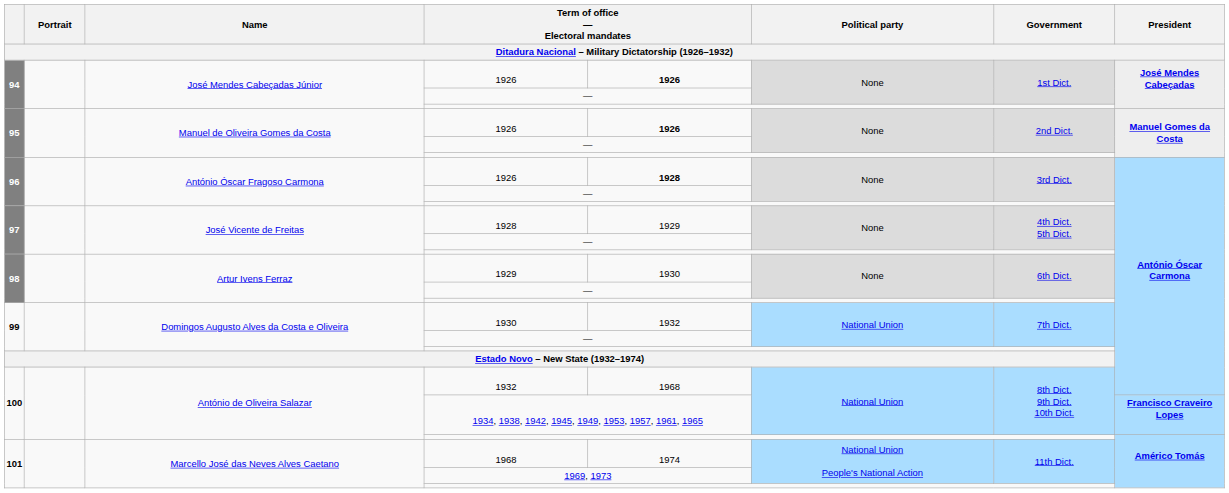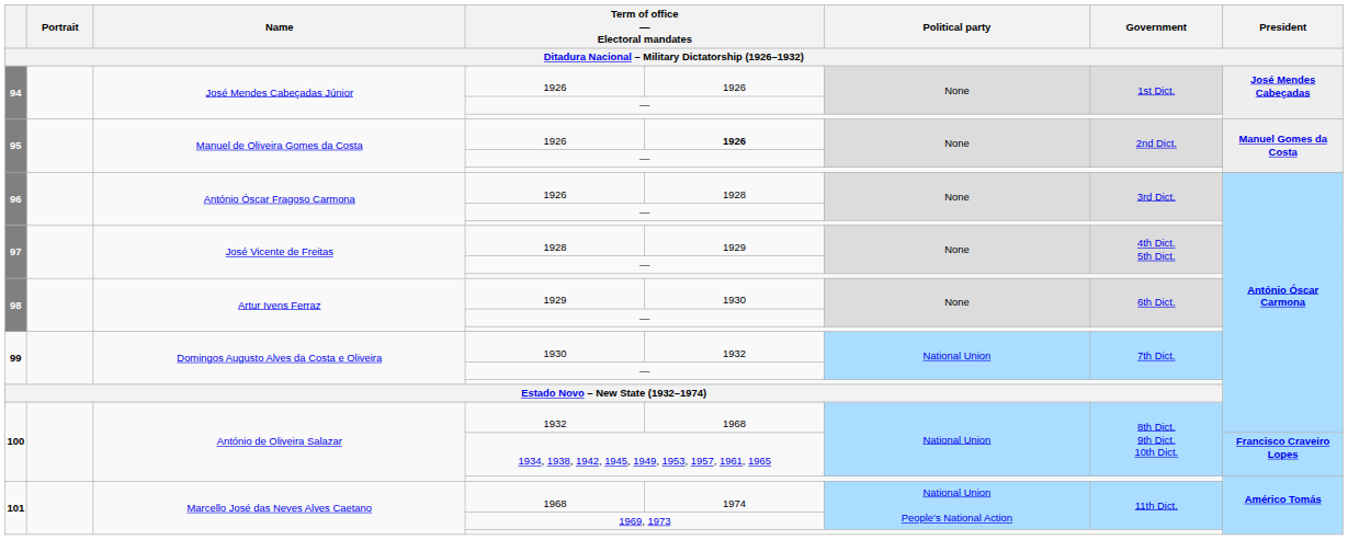 <table class="wikitable" style="text-align:center; font-size:95%; width=100%; line-height:19px;">
 <tr>
 <th width=1%></th>
 <th width=5%>Portrait</th>
 <th width=28%>Name<br></th>
 <th colspan="2" width=27%>Term of office<br>—<br>Electoral mandates</th>
 <th width=20%>Political party</th>
 <th width=10%>Government</th>
 <th width=15%>President<br></th>
 </tr>
 <tr style="background:#cccccc">
 <th colspan="8"><a href='#'>Ditadura Nacional</a> – Military Dictatorship (1926–1932)</th>
 </tr>
 <tr>
 <td rowspan="3" style="background:gray; color:white;"><strong>94</strong></td>
 <td rowspan="3"></td>
 <td rowspan="3" align="center"><a href='#'>José Mendes Cabeçadas Júnior</a><br></td>
 <td><br>1926</td>
-<td><strong><br>1926</strong></td>
+<td><br>1926</td>
 <td bgcolor=#DCDCDC rowspan="2">None</td>
 <td rowspan="2" bgcolor=#DCDCDC><a href='#'>1st Dict.</a></td>
 <td bgcolor=#EEEEEE rowspan="3" align=center><strong><a href='#'>José Mendes Cabeçadas</a></strong><br><br></td>
 </tr>
 <tr>
 <td colspan="2" align="center">—</td>
 </tr>
 <tr>
 <td colspan="4" align=left></td>
 </tr>
 <tr>
 <td rowspan="3" style="background:gray; color:white;"><strong>95</strong></td>
 <td rowspan="3"></td>
 <td rowspan="3" align="center"><a href='#'>Manuel de Oliveira Gomes da Costa</a><br></td>
 <td><br>1926</td>
 <td><strong><br>1926</strong></td>
 <td bgcolor=#DCDCDC rowspan="2">None</td>
 <td rowspan="2" bgcolor=#DCDCDC><a href='#'>2nd Dict.</a></td>
 <td bgcolor=#EEEEEE rowspan="3" align=center><strong><a href='#'>Manuel Gomes da Costa</a></strong><br></td>
 </tr>
 <tr>
 <td colspan="2" align="center">—</td>
 </tr>
 <tr>
 <td colspan="4" align=left></td>
 </tr>
 <tr>
 <td rowspan="3" style="background:gray; color:white;"><strong>96</strong></td>
 <td rowspan="3"></td>
 <td rowspan="3" align="center"><a href='#'>António Óscar Fragoso Carmona</a><br></td>
 <td><br>1926</td>
-<td><strong><br>1928</strong></td>
+<td><br>1928</td>
 <td bgcolor=#DCDCDC rowspan="2">None</td>
 <td rowspan="2" bgcolor=#DCDCDC><a href='#'>3rd Dict.</a></td>
 <td bgcolor=#AADDFF rowspan="14" align=center><strong><a href='#'>António Óscar Carmona</a></strong><br><br></td>
 </tr>
 <tr>
 <td colspan="2" align="center">—</td>
 </tr>
 <tr>
 <td colspan="4" align=left></td>
 </tr>
 <tr>
 <td rowspan="3" style="background:gray; color:white;"><strong>97</strong></td>
 <td rowspan="3"></td>
 <td rowspan="3" align="center"><a href='#'>José Vicente de Freitas</a><br></td>
 <td><br>1928</td>
 <td><br>1929</td>
 <td bgcolor=#DCDCDC rowspan="2">None</td>
 <td rowspan="2" bgcolor=#DCDCDC><a href='#'>4th Dict.</a><br><a href='#'>5th Dict.</a></td>
 </tr>
 <tr>
 <td colspan="2" align="center">—</td>
 </tr>
 <tr>
 <td colspan="4" align=left></td>
 </tr>
 <tr>
 <td rowspan="3" style="background:gray; color:white;"><strong>98</strong></td>
 <td rowspan="3"></td>
 <td rowspan="3" align="center"><a href='#'>Artur Ivens Ferraz</a><br></td>
 <td><br>1929</td>
 <td><br>1930</td>
 <td bgcolor=#DCDCDC rowspan="2">None</td>
 <td rowspan="2" bgcolor=#DCDCDC><a href='#'>6th Dict.</a></td>
 </tr>
 <tr>
 <td colspan="2" align="center">—</td>
 </tr>
 <tr>
 <td colspan="4" align=left></td>
 </tr>
 <tr>
 <td rowspan="3" style="background:"><strong>99</strong></td>
 <td rowspan="3"></td>
 <td rowspan="3" align="center"><a href='#'>Domingos Augusto Alves da Costa e Oliveira</a><br></td>
 <td><br>1930</td>
 <td><br>1932</td>
 <td rowspan="2" bgcolor="#AADDFF"><a href='#'>National Union</a></td>
 <td rowspan="2" bgcolor=#AADDFF><a href='#'>7th Dict.</a></td>
 </tr>
 <tr>
 <td colspan="2" align="center">—</td>
 </tr>
 <tr>
 <td colspan="4" align=left></td>
 </tr>
 <tr style="background:#cccccc">
 <th colspan=7><a href='#'>Estado Novo</a> – New State (1932–1974)</th>
 </tr>
 <tr>
 <td rowspan="3" style="background:"><strong>100</strong></td>
 <td rowspan="3"></td>
 <td rowspan="3" align="center"><a href='#'>António de Oliveira Salazar</a><br></td>
 <td><br>1932</td>
 <td><br>1968</td>
 <td rowspan="2" bgcolor=#AADDFF><a href='#'>National Union</a></td>
 <td rowspan="2" bgcolor=#AADDFF><a href='#'>8th Dict.</a><br><a href='#'>9th Dict.</a><br><a href='#'>10th Dict.</a></td>
 </tr>
 <tr>
 <td colspan="2" align="center"><br><a href='#'>1934</a>, <a href='#'>1938</a>, <a href='#'>1942</a>, <a href='#'>1945</a>, <a href='#'>1949</a>, <a href='#'>1953</a>, <a href='#'>1957</a>, <a href='#'>1961</a>, <a href='#'>1965</a></td>
 <td bgcolor=#AADDFF align=center><strong><a href='#'>Francisco Craveiro Lopes</a></strong><br><br></td>
 </tr>
 <tr>
 <td colspan="4" align=left></td>
 <td bgcolor=#AADDFF rowspan="4" align=center><strong><a href='#'>Américo Tomás</a></strong><br><br></td>
 </tr>
 <tr>
 <td rowspan="3" style="background:"><strong>101</strong></td>
 <td rowspan="3"></td>
 <td rowspan="3" align="center"><a href='#'>Marcello José das Neves Alves Caetano</a><br></td>
 <td><br>1968</td>
 <td><br>1974</td>
 <td rowspan="2" bgcolor=#AADDFF><a href='#'>National Union<br><br>People's National Action</a></td>
 <td rowspan="2" bgcolor=#AADDFF><a href='#'>11th Dict.</a></td>
 </tr>
 <tr>
 <td colspan="2" align="center"><a href='#'>1969</a>, <a href='#'>1973</a></td>
 </tr>
 <tr>
 <td colspan="4" align=left></td>
 </tr>
 </table>
